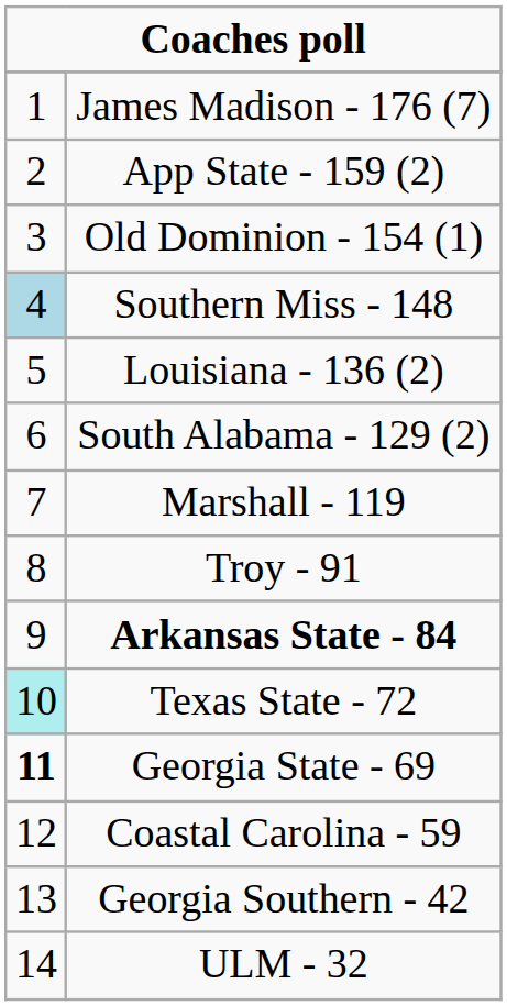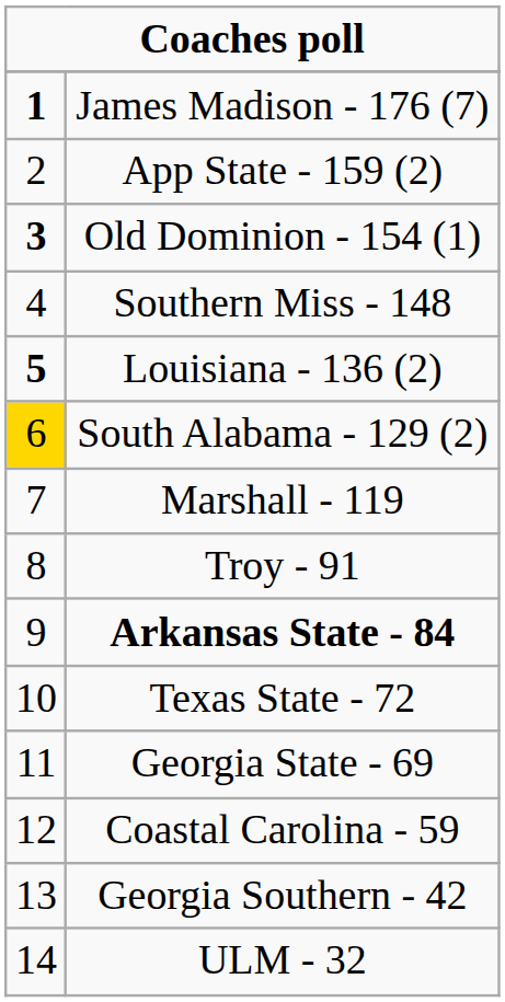 <table class="wikitable" style="display: inline-table;">
 <tr>
 <td align="center" Colspan="3"><strong>Coaches poll</strong></td>
 </tr>
 <tr align="center">
 </tr>
 <tr align="center">
-<td>1</td>
+<td><strong>1</strong></td>
 <td>James Madison - 176 (7)</td>
 </tr>
 <tr align="center">
 <td>2</td>
 <td>App State - 159 (2)</td>
 </tr>
 <tr align="center">
-<td>3</td>
+<td><strong>3</strong></td>
 <td>Old Dominion - 154 (1)</td>
 </tr>
 <tr align="center">
-<td style="background: lightblue;">4</td>
+<td>4</td>
 <td>Southern Miss - 148</td>
 </tr>
 <tr align="center">
-<td>5</td>
+<td><strong>5</strong></td>
 <td>Louisiana - 136 (2)</td>
 </tr>
 <tr align="center">
-<td>6</td>
+<td style="background: gold;">6</td>
 <td>South Alabama - 129 (2)</td>
 </tr>
 <tr align="center">
 <td>7</td>
 <td>Marshall - 119</td>
 </tr>
 <tr align="center">
 <td>8</td>
 <td>Troy - 91</td>
 </tr>
 <tr align="center">
 <td>9</td>
 <td><strong>Arkansas State - 84</strong></td>
 </tr>
 <tr align="center">
-<td style="background: paleturquoise;">10</td>
+<td>10</td>
 <td>Texas State - 72</td>
 </tr>
 <tr align="center">
-<td><strong>11</strong></td>
+<td>11</td>
 <td>Georgia State - 69</td>
 </tr>
 <tr align="center">
 <td>12</td>
 <td>Coastal Carolina - 59</td>
 </tr>
 <tr align="center">
 <td>13</td>
 <td>Georgia Southern - 42</td>
 </tr>
 <tr align="center">
 <td>14</td>
 <td>ULM - 32</td>
 </tr>
 </table>
